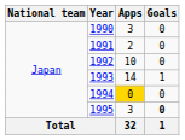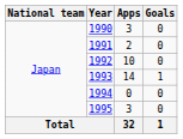 <table class="wikitable" style="text-align:center">
 <tr>
 <th>National team</th>
 <th>Year</th>
 <th>Apps</th>
 <th>Goals</th>
 </tr>
 <tr>
 <td rowspan="6"><a href='#'>Japan</a></td>
 <td><a href='#'>1990</a></td>
 <td>3</td>
 <td>0</td>
 </tr>
 <tr>
 <td><a href='#'>1991</a></td>
 <td>2</td>
 <td>0</td>
 </tr>
 <tr>
 <td><a href='#'>1992</a></td>
 <td>10</td>
 <td>0</td>
 </tr>
 <tr>
 <td><a href='#'>1993</a></td>
 <td>14</td>
 <td>1</td>
 </tr>
 <tr>
 <td><a href='#'>1994</a></td>
-<td style="background: gold;">0</td>
+<td>0</td>
 <td>0</td>
 </tr>
 <tr>
 <td><a href='#'>1995</a></td>
 <td>3</td>
-<td><strong>0</strong></td>
+<td>0</td>
 </tr>
 <tr>
 <th colspan="2">Total</th>
 <th>32</th>
 <th>1</th>
 </tr>
 </table>
